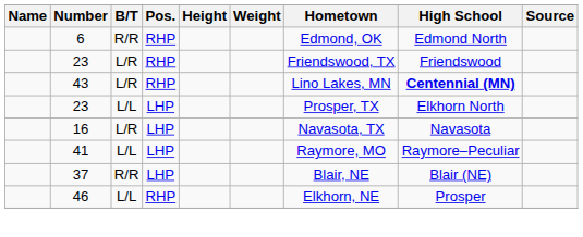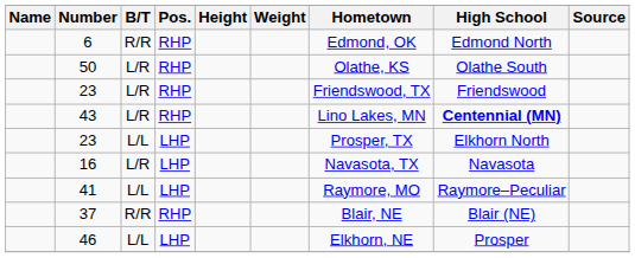 <table class="wikitable sortable collapsible">
 <tr>
 </tr>
 <tr>
 <th style="text-align:center; ">Name</th>
 <th style="text-align:center; ">Number</th>
 <th style="text-align:center; ">B/T</th>
 <th style="text-align:center; ">Pos.</th>
 <th style="text-align:center; ">Height</th>
 <th style="text-align:center; ">Weight</th>
 <th style="text-align:center; ">Hometown</th>
 <th style="text-align:center; ">High School</th>
 <th class="unsortable" style="text-align:center; ">Source</th>
 </tr>
 <tr align="center">
 <td></td>
 <td>6</td>
 <td>R/R</td>
 <td><a href='#'>RHP</a></td>
 <td></td>
 <td></td>
 <td><a href='#'>Edmond, OK</a></td>
 <td><a href='#'>Edmond North</a></td>
+<td></td>
+</tr>
+<tr align="center">
+<td></td>
+<td>50</td>
+<td>L/R</td>
+<td><a href='#'>RHP</a></td>
+<td></td>
+<td></td>
+<td><a href='#'>Olathe, KS</a></td>
+<td><a href='#'>Olathe South</a></td>
 <td></td>
 </tr>
 <tr align="center">
 <td></td>
 <td>23</td>
 <td>L/R</td>
 <td><a href='#'>RHP</a></td>
 <td></td>
 <td></td>
 <td><a href='#'>Friendswood, TX</a></td>
 <td><a href='#'>Friendswood</a></td>
 <td></td>
 </tr>
 <tr align="center">
 <td></td>
 <td>43</td>
 <td>L/R</td>
 <td><a href='#'>RHP</a></td>
 <td></td>
 <td></td>
 <td><a href='#'>Lino Lakes, MN</a></td>
 <td><strong><a href='#'>Centennial (MN)</a></strong></td>
 <td></td>
 </tr>
 <tr align="center">
 <td></td>
 <td>23</td>
 <td>L/L</td>
 <td><a href='#'>LHP</a></td>
 <td></td>
 <td></td>
 <td><a href='#'>Prosper, TX</a></td>
 <td><a href='#'>Elkhorn North</a></td>
 <td></td>
 </tr>
 <tr align="center">
 <td></td>
 <td>16</td>
 <td>L/R</td>
 <td><a href='#'>LHP</a></td>
 <td></td>
 <td></td>
 <td><a href='#'>Navasota, TX</a></td>
 <td><a href='#'>Navasota</a></td>
 <td></td>
 </tr>
 <tr align="center">
 <td></td>
 <td>41</td>
 <td>L/L</td>
 <td><a href='#'>LHP</a></td>
 <td></td>
 <td></td>
 <td><a href='#'>Raymore, MO</a></td>
 <td><a href='#'>Raymore–Peculiar</a></td>
 <td></td>
 </tr>
 <tr align="center">
 <td></td>
 <td>37</td>
 <td>R/R</td>
-<td><a href='#'>LHP</a></td>
+<td><a href='#'>RHP</a></td>
 <td></td>
 <td></td>
 <td><a href='#'>Blair, NE</a></td>
 <td><a href='#'>Blair (NE)</a></td>
 <td></td>
 </tr>
 <tr align="center">
 <td></td>
 <td>46</td>
 <td>L/L</td>
-<td><a href='#'>RHP</a></td>
+<td><a href='#'>LHP</a></td>
 <td></td>
 <td></td>
 <td><a href='#'>Elkhorn, NE</a></td>
 <td><a href='#'>Prosper</a></td>
 <td></td>
 </tr>
 <tr>
 </tr>
 </table>
